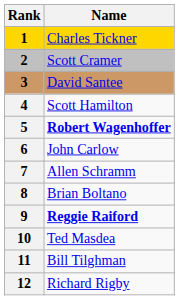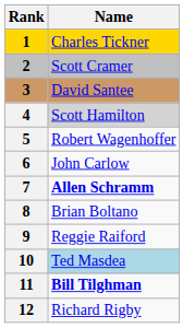 <table class="wikitable">
 <tr>
 <th>Rank</th>
 <th>Name</th>
 </tr>
 <tr bgcolor="gold">
 <td align="center"><strong>1</strong></td>
 <td><a href='#'>Charles Tickner</a></td>
 </tr>
 <tr bgcolor="silver">
 <td align="center"><strong>2</strong></td>
 <td><a href='#'>Scott Cramer</a></td>
 </tr>
 <tr bgcolor="cc9966">
 <td align="center"><strong>3</strong></td>
 <td><a href='#'>David Santee</a></td>
 </tr>
 <tr>
 <th>4</th>
-<td><a href='#'>Scott Hamilton</a></td>
+<td style="background: lightgrey;"><a href='#'>Scott Hamilton</a></td>
 </tr>
 <tr>
 <th>5</th>
-<td><strong><a href='#'>Robert Wagenhoffer</a></strong></td>
+<td><a href='#'>Robert Wagenhoffer</a></td>
 </tr>
 <tr>
 <th>6</th>
 <td><a href='#'>John Carlow</a></td>
 </tr>
 <tr>
 <th>7</th>
-<td><a href='#'>Allen Schramm</a></td>
+<td><strong><a href='#'>Allen Schramm</a></strong></td>
 </tr>
 <tr>
 <th>8</th>
 <td><a href='#'>Brian Boltano</a></td>
 </tr>
 <tr>
 <th>9</th>
-<td><strong><a href='#'>Reggie Raiford</a></strong></td>
+<td><a href='#'>Reggie Raiford</a></td>
 </tr>
 <tr>
 <th>10</th>
-<td><a href='#'>Ted Masdea</a></td>
+<td style="background: lightblue;"><a href='#'>Ted Masdea</a></td>
 </tr>
 <tr>
 <th>11</th>
-<td><a href='#'>Bill Tilghman</a></td>
+<td><strong><a href='#'>Bill Tilghman</a></strong></td>
 </tr>
 <tr>
 <th>12</th>
 <td><a href='#'>Richard Rigby</a></td>
 </tr>
 </table>
